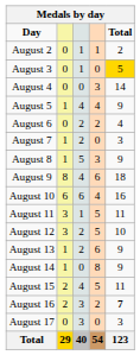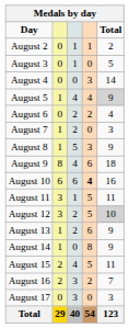 <table class="wikitable" style="font-size:85%; float:right">
 <tr align=center>
 <th colspan=7><strong>Medals by day</strong></th>
 </tr>
 <tr align=center>
 <td><strong>Day</strong></td>
 <td style="background:#f7f6a8;"></td>
 <td style="background:#dce5e5;"></td>
 <td style="background:#ffdab9;"></td>
 <td><strong>Total</strong></td>
 </tr>
 <tr align=center>
 <td>August 2</td>
 <td style="background:#f7f6a8;">0</td>
 <td style="background:#dce5e5;">1</td>
 <td style="background:#ffdab9;">1</td>
 <td>2</td>
 </tr>
 <tr align=center>
 <td>August 3</td>
 <td style="background:#f7f6a8;">0</td>
 <td style="background:#dce5e5;">1</td>
 <td style="background:#ffdab9;">0</td>
-<td style="background: gold;">5</td>
+<td>5</td>
 </tr>
 <tr align=center>
 <td>August 4</td>
 <td style="background:#f7f6a8;">0</td>
 <td style="background:#dce5e5;">0</td>
 <td style="background:#ffdab9;">3</td>
 <td>14</td>
 </tr>
 <tr align=center>
 <td>August 5</td>
 <td style="background:#f7f6a8;">1</td>
 <td style="background:#dce5e5;">4</td>
 <td style="background:#ffdab9;">4</td>
-<td>9</td>
+<td style="background: lightgrey;">9</td>
 </tr>
 <tr align=center>
 <td>August 6</td>
 <td style="background:#f7f6a8;">0</td>
 <td style="background:#dce5e5;">2</td>
 <td style="background:#ffdab9;">2</td>
 <td>4</td>
 </tr>
 <tr align=center>
 <td>August 7</td>
 <td style="background:#f7f6a8;">1</td>
 <td style="background:#dce5e5;">2</td>
 <td style="background:#ffdab9;">0</td>
 <td>3</td>
 </tr>
 <tr align=center>
 <td>August 8</td>
 <td style="background:#f7f6a8;">1</td>
 <td style="background:#dce5e5;">5</td>
 <td style="background:#ffdab9;">3</td>
 <td>9</td>
 </tr>
 <tr align=center>
 <td>August 9</td>
 <td style="background:#f7f6a8;">8</td>
 <td style="background:#dce5e5;">4</td>
 <td style="background:#ffdab9;">6</td>
 <td>18</td>
 </tr>
 <tr align=center>
 <td>August 10</td>
 <td style="background:#f7f6a8;">6</td>
 <td style="background:#dce5e5;">6</td>
-<td style="background:#ffdab9;">4</td>
+<td style="background:#ffdab9;"><strong>4</strong></td>
 <td>16</td>
 </tr>
 <tr align=center>
 <td>August 11</td>
 <td style="background:#f7f6a8;">3</td>
 <td style="background:#dce5e5;">1</td>
 <td style="background:#ffdab9;">5</td>
 <td>11</td>
 </tr>
 <tr align=center>
 <td>August 12</td>
 <td style="background:#f7f6a8;">3</td>
 <td style="background:#dce5e5;">2</td>
 <td style="background:#ffdab9;">5</td>
-<td>10</td>
+<td style="background: lightgrey;">10</td>
 </tr>
 <tr align=center>
 <td>August 13</td>
 <td style="background:#f7f6a8;">1</td>
 <td style="background:#dce5e5;">2</td>
 <td style="background:#ffdab9;">6</td>
 <td>9</td>
 </tr>
 <tr align=center>
 <td>August 14</td>
 <td style="background:#f7f6a8;">1</td>
 <td style="background:#dce5e5;">0</td>
 <td style="background:#ffdab9;">8</td>
 <td>9</td>
 </tr>
 <tr align=center>
 <td>August 15</td>
 <td style="background:#f7f6a8;">2</td>
 <td style="background:#dce5e5;">4</td>
 <td style="background:#ffdab9;">5</td>
 <td>11</td>
 </tr>
 <tr align=center>
 <td>August 16</td>
 <td style="background:#f7f6a8;">2</td>
 <td style="background:#dce5e5;">3</td>
 <td style="background:#ffdab9;">2</td>
-<td><strong>7</strong></td>
+<td>7</td>
 </tr>
 <tr align=center>
 <td>August 17</td>
 <td style="background:#f7f6a8;">0</td>
 <td style="background:#dce5e5;">3</td>
 <td style="background:#ffdab9;">0</td>
 <td>3</td>
 </tr>
 <tr align=center>
 <th><strong>Total</strong></th>
 <th style="background:gold;"><strong>29</strong></th>
 <th style="background:silver;"><strong>40</strong></th>
 <th style="background:#c96;"><strong>54</strong></th>
 <th><strong>123</strong></th>
 </tr>
 </table>
